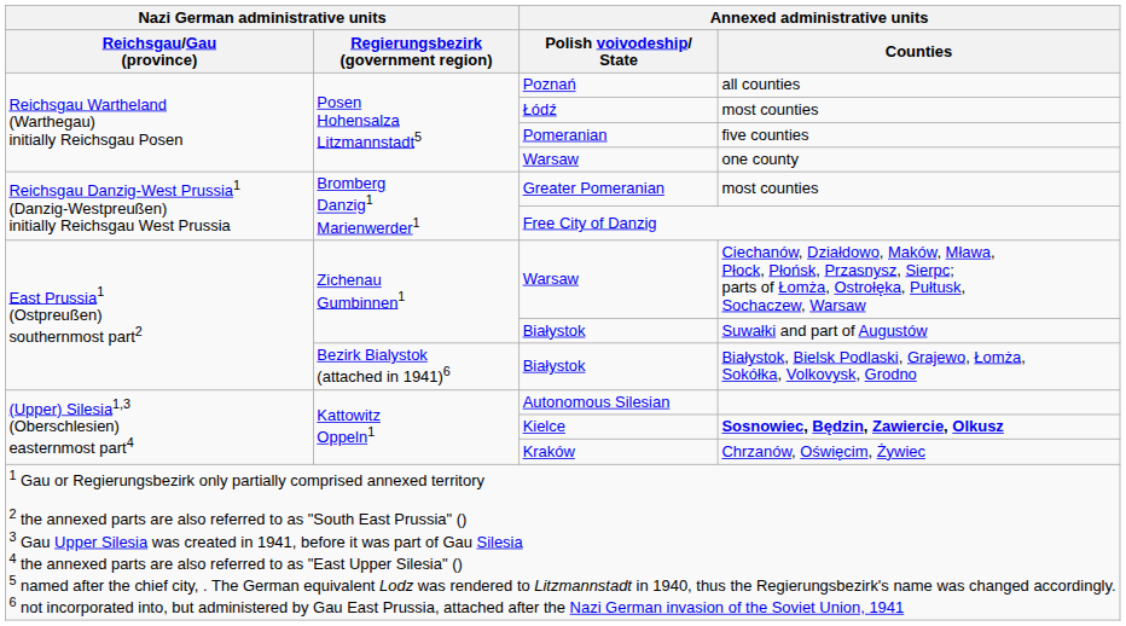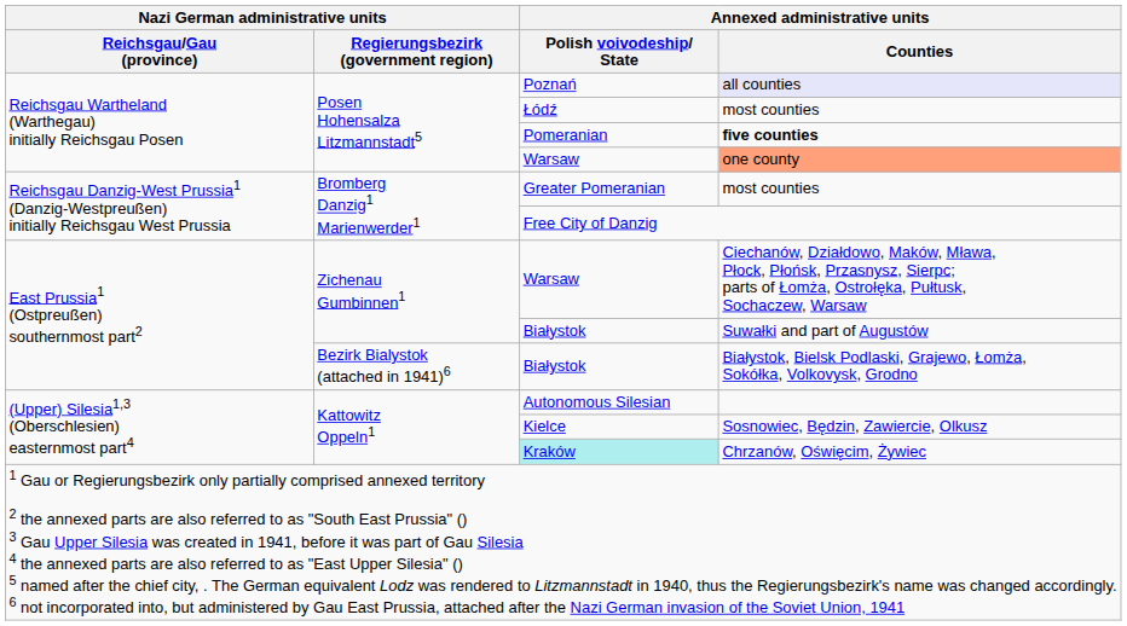 <table class=wikitable>
 <tr>
 <th colspan="2">Nazi German administrative units</th>
 <th colspan="2">Annexed administrative units</th>
 </tr>
 <tr>
 <th><a href='#'>Reichsgau</a>/<a href='#'>Gau</a><br>(province)</th>
 <th><a href='#'>Regierungsbezirk</a> <br>(government region)</th>
 <th>Polish <a href='#'>voivodeship</a>/<br>State</th>
 <th>Counties</th>
 </tr>
 <tr>
 <td rowspan="4"><a href='#'>Reichsgau Wartheland</a><br>(Warthegau)<br>initially Reichsgau Posen</td>
 <td rowspan="4"><a href='#'>Posen</a><br><a href='#'>Hohensalza</a><br><a href='#'>Litzmannstadt</a><sup>5</sup></td>
 <td><a href='#'>Poznań</a></td>
-<td>all counties</td>
+<td style="background: lavender;">all counties</td>
 </tr>
 <tr>
 <td><a href='#'>Łódź</a></td>
 <td>most counties</td>
 </tr>
 <tr>
 <td><a href='#'>Pomeranian</a></td>
-<td>five counties</td>
+<td><strong>five counties</strong></td>
 </tr>
 <tr>
 <td><a href='#'>Warsaw</a></td>
-<td>one county</td>
+<td style="background: lightsalmon;">one county</td>
 </tr>
 <tr>
 <td rowspan="2"><a href='#'>Reichsgau Danzig-West Prussia</a><sup>1</sup><br>(Danzig-Westpreußen)<br>initially Reichsgau West Prussia</td>
 <td rowspan="2"><a href='#'>Bromberg</a><br><a href='#'>Danzig</a><sup>1</sup><br><a href='#'>Marienwerder</a><sup>1</sup></td>
 <td><a href='#'>Greater Pomeranian</a></td>
 <td>most counties</td>
 </tr>
 <tr>
 <td colspan="2"><a href='#'>Free City of Danzig</a></td>
 </tr>
 <tr>
 <td rowspan="3"><a href='#'>East Prussia</a><sup>1</sup><br>(Ostpreußen)<br>southernmost part<sup>2</sup></td>
 <td rowspan="2"><a href='#'>Zichenau</a><br><a href='#'>Gumbinnen</a><sup>1</sup></td>
 <td><a href='#'>Warsaw</a></td>
 <td><a href='#'>Ciechanów</a>, <a href='#'>Działdowo</a>, <a href='#'>Maków</a>, <a href='#'>Mława</a>,<br><a href='#'>Płock</a>, <a href='#'>Płońsk</a>, <a href='#'>Przasnysz</a>, <a href='#'>Sierpc</a>;<br>parts of <a href='#'>Łomża</a>, <a href='#'>Ostrołęka</a>, <a href='#'>Pułtusk</a>,<br><a href='#'>Sochaczew</a>, <a href='#'>Warsaw</a></td>
 </tr>
 <tr>
 <td><a href='#'>Białystok</a></td>
 <td><a href='#'>Suwałki</a> and part of <a href='#'>Augustów</a></td>
 </tr>
 <tr>
 <td><a href='#'>Bezirk Bialystok</a><br>(attached in 1941)<sup>6</sup></td>
 <td><a href='#'>Białystok</a></td>
 <td><a href='#'>Białystok</a>, <a href='#'>Bielsk Podlaski</a>, <a href='#'>Grajewo</a>, <a href='#'>Łomża</a>,<br><a href='#'>Sokółka</a>, <a href='#'>Volkovysk</a>, <a href='#'>Grodno</a></td>
 </tr>
 <tr>
 <td rowspan="3"><a href='#'>(Upper) Silesia</a><sup>1,3</sup><br>(Oberschlesien)<br>easternmost part<sup>4</sup></td>
 <td rowspan="3"><a href='#'>Kattowitz</a><br><a href='#'>Oppeln</a><sup>1</sup></td>
 <td><a href='#'>Autonomous Silesian</a></td>
 <td></td>
 </tr>
 <tr>
 <td><a href='#'>Kielce</a></td>
-<td><strong><a href='#'>Sosnowiec</a>, <a href='#'>Będzin</a>, <a href='#'>Zawiercie</a>, <a href='#'>Olkusz</a></strong></td>
+<td><a href='#'>Sosnowiec</a>, <a href='#'>Będzin</a>, <a href='#'>Zawiercie</a>, <a href='#'>Olkusz</a></td>
 </tr>
 <tr>
-<td><a href='#'>Kraków</a></td>
+<td style="background: paleturquoise;"><a href='#'>Kraków</a></td>
 <td><a href='#'>Chrzanów</a>, <a href='#'>Oświęcim</a>, <a href='#'>Żywiec</a></td>
 </tr>
 <tr>
 <td colspan="4"><sup>1</sup> Gau or Regierungsbezirk only partially comprised annexed territory<br><br><sup>2</sup> the annexed parts are also referred to as "South East Prussia" ()<br> <sup>3</sup> Gau <a href='#'>Upper Silesia</a> was created in 1941, before it was part of Gau <a href='#'>Silesia</a><br> <sup>4</sup> the annexed parts are also referred to as "East Upper Silesia" ()<br> <sup>5</sup> named after the chief city, . The German equivalent <em>Lodz</em> was rendered to <em>Litzmannstadt</em> in 1940, thus the Regierungsbezirk's name was changed accordingly.<br> <sup>6</sup> not incorporated into, but administered by Gau East Prussia, attached after the <a href='#'>Nazi German invasion of the Soviet Union, 1941</a></td>
 </tr>
 </table>
